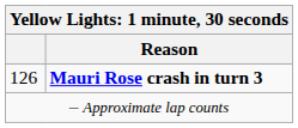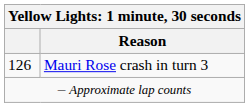 <table class="wikitable">
 <tr>
 <th colspan=2>Yellow Lights: 1 minute, 30 seconds</th>
 </tr>
 <tr>
 <th></th>
 <th>Reason</th>
 </tr>
 <tr>
 <td>126</td>
-<td><strong><a href='#'>Mauri Rose</a> crash in turn 3</strong></td>
+<td><a href='#'>Mauri Rose</a> crash in turn 3</td>
 </tr>
 <tr>
 <td colspan=2 align=center> – <em><small>Approximate lap counts</small></em></td>
 </tr>
 </table>
